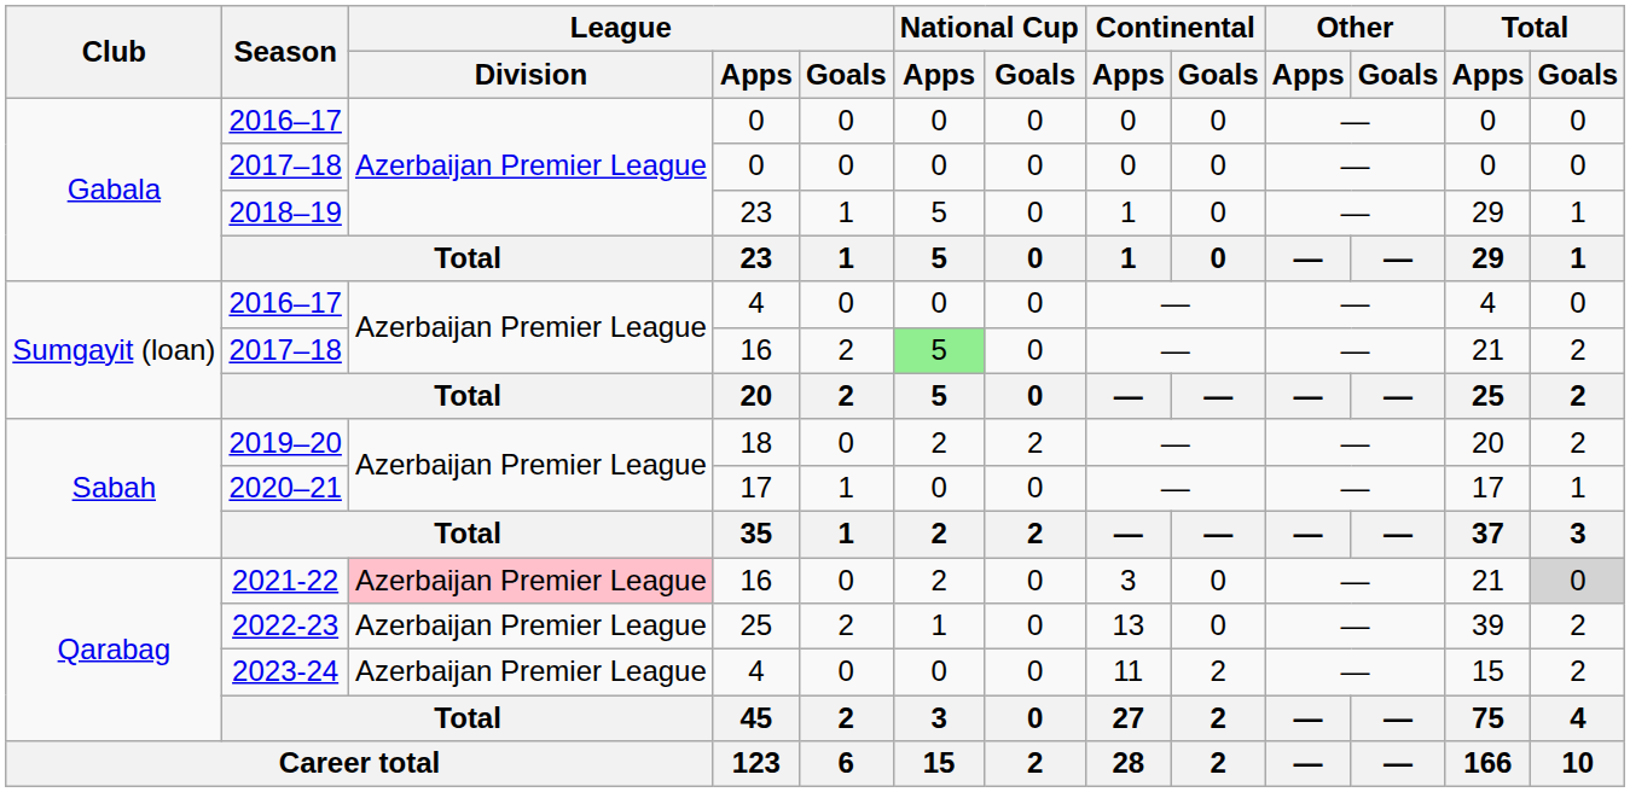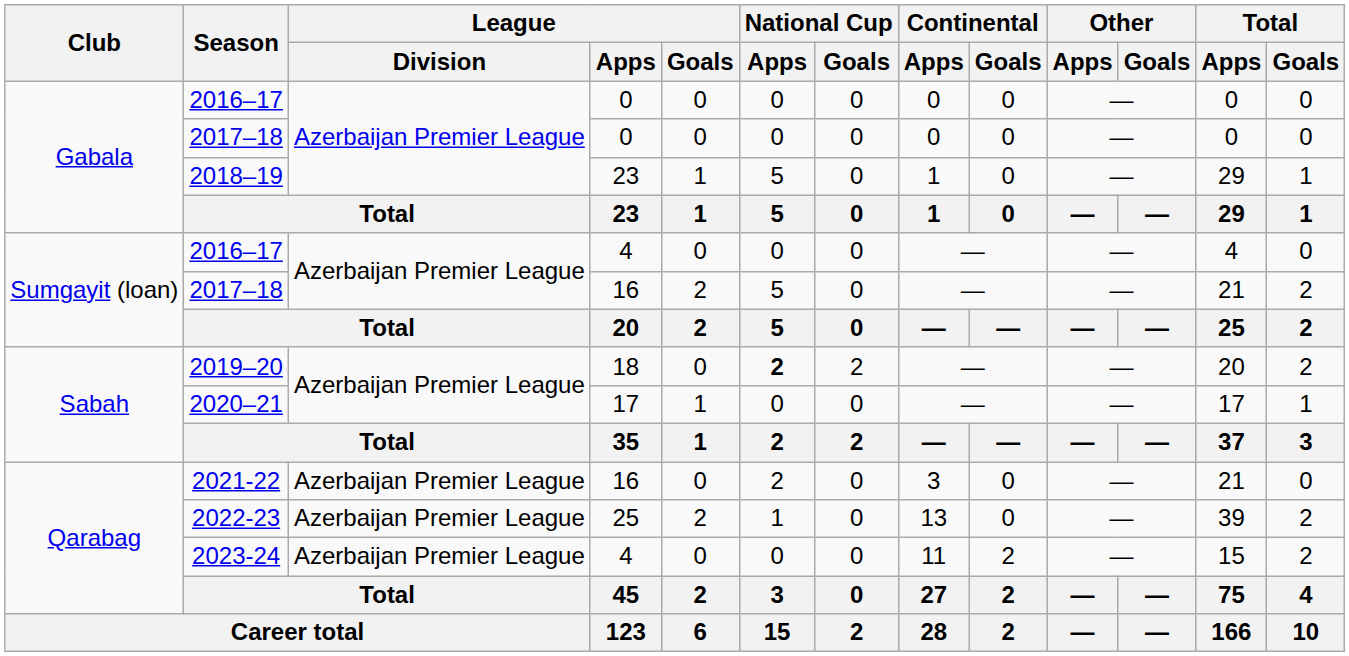 <table class="wikitable" style="text-align: center;">
 <tr>
 <th rowspan="2">Club</th>
 <th rowspan="2">Season</th>
 <th colspan="3">League</th>
 <th colspan="2">National Cup</th>
 <th colspan="2">Continental</th>
 <th colspan="2">Other</th>
 <th colspan="2">Total</th>
 </tr>
 <tr>
 <th>Division</th>
 <th>Apps</th>
 <th>Goals</th>
 <th>Apps</th>
 <th>Goals</th>
 <th>Apps</th>
 <th>Goals</th>
 <th>Apps</th>
 <th>Goals</th>
 <th>Apps</th>
 <th>Goals</th>
 </tr>
 <tr>
 <td rowspan="4" valign="center"><a href='#'>Gabala</a></td>
 <td><a href='#'>2016–17</a></td>
 <td rowspan="3" valign="center"><a href='#'>Azerbaijan Premier League</a></td>
 <td>0</td>
 <td>0</td>
 <td>0</td>
 <td>0</td>
 <td>0</td>
 <td>0</td>
 <td colspan="2">—</td>
 <td>0</td>
 <td>0</td>
 </tr>
 <tr>
 <td><a href='#'>2017–18</a></td>
 <td>0</td>
 <td>0</td>
 <td>0</td>
 <td>0</td>
 <td>0</td>
 <td>0</td>
 <td colspan="2">—</td>
 <td>0</td>
 <td>0</td>
 </tr>
 <tr>
 <td><a href='#'>2018–19</a></td>
 <td>23</td>
 <td>1</td>
 <td>5</td>
 <td>0</td>
 <td>1</td>
 <td>0</td>
 <td colspan="2">—</td>
 <td>29</td>
 <td>1</td>
 </tr>
 <tr>
 <th colspan="2">Total</th>
 <th>23</th>
 <th>1</th>
 <th>5</th>
 <th>0</th>
 <th>1</th>
 <th>0</th>
 <th>—</th>
 <th>—</th>
 <th>29</th>
 <th>1</th>
 </tr>
 <tr>
 <td rowspan="3" valign="center"><a href='#'>Sumgayit</a> (loan)</td>
 <td><a href='#'>2016–17</a></td>
 <td rowspan="2" valign="center">Azerbaijan Premier League</td>
 <td>4</td>
 <td>0</td>
 <td>0</td>
 <td>0</td>
 <td colspan="2">—</td>
 <td colspan="2">—</td>
 <td>4</td>
 <td>0</td>
 </tr>
 <tr>
 <td><a href='#'>2017–18</a></td>
 <td>16</td>
 <td>2</td>
-<td style="background: lightgreen;">5</td>
+<td>5</td>
 <td>0</td>
 <td colspan="2">—</td>
 <td colspan="2">—</td>
 <td>21</td>
 <td>2</td>
 </tr>
 <tr>
 <th colspan="2">Total</th>
 <th>20</th>
 <th>2</th>
 <th>5</th>
 <th>0</th>
 <th>—</th>
 <th>—</th>
 <th>—</th>
 <th>—</th>
 <th>25</th>
 <th>2</th>
 </tr>
 <tr>
 <td rowspan="3" valign="center"><a href='#'>Sabah</a></td>
 <td><a href='#'>2019–20</a></td>
 <td rowspan="2" valign="center">Azerbaijan Premier League</td>
 <td>18</td>
 <td>0</td>
-<td>2</td>
+<td><strong>2</strong></td>
 <td>2</td>
 <td colspan="2">—</td>
 <td colspan="2">—</td>
 <td>20</td>
 <td>2</td>
 </tr>
 <tr>
 <td><a href='#'>2020–21</a></td>
 <td>17</td>
 <td>1</td>
 <td>0</td>
 <td>0</td>
 <td colspan="2">—</td>
 <td colspan="2">—</td>
 <td>17</td>
 <td>1</td>
 </tr>
 <tr>
 <th colspan="2">Total</th>
 <th>35</th>
 <th>1</th>
 <th>2</th>
 <th>2</th>
 <th>—</th>
 <th>—</th>
 <th>—</th>
 <th>—</th>
 <th>37</th>
 <th>3</th>
 </tr>
 <tr>
 <td rowspan="4"><a href='#'>Qarabag</a></td>
 <td><a href='#'>2021-22</a></td>
-<td style="background: pink;">Azerbaijan Premier League</td>
+<td>Azerbaijan Premier League</td>
 <td>16</td>
 <td>0</td>
 <td>2</td>
 <td>0</td>
 <td>3</td>
 <td>0</td>
 <td colspan="2">—</td>
 <td>21</td>
-<td style="background: lightgrey;">0</td>
+<td>0</td>
 </tr>
 <tr>
 <td><a href='#'>2022-23</a></td>
 <td>Azerbaijan Premier League</td>
 <td>25</td>
 <td>2</td>
 <td>1</td>
 <td>0</td>
 <td>13</td>
 <td>0</td>
 <td colspan="2">—</td>
 <td>39</td>
 <td>2</td>
 </tr>
 <tr>
 <td><a href='#'>2023-24</a></td>
 <td>Azerbaijan Premier League</td>
 <td>4</td>
 <td>0</td>
 <td>0</td>
 <td>0</td>
 <td>11</td>
 <td>2</td>
 <td colspan="2">—</td>
 <td>15</td>
 <td>2</td>
 </tr>
 <tr>
 <th colspan="2">Total</th>
 <th>45</th>
 <th>2</th>
 <th>3</th>
 <th>0</th>
 <th>27</th>
 <th>2</th>
 <th>—</th>
 <th>—</th>
 <th>75</th>
 <th>4</th>
 </tr>
 <tr>
 <th colspan="3">Career total</th>
 <th>123</th>
 <th>6</th>
 <th>15</th>
 <th>2</th>
 <th>28</th>
 <th>2</th>
 <th>—</th>
 <th>—</th>
 <th>166</th>
 <th>10</th>
 </tr>
 </table>
